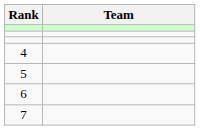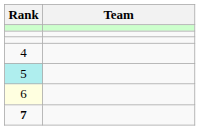 <table class="wikitable" style="text-align: center;">
 <tr>
 <th width=40>Rank</th>
 <th width=180>Team</th>
 </tr>
 <tr bgcolor=ccffcc>
 <td></td>
 <td align=left></td>
 </tr>
 <tr>
 <td></td>
 <td align=left></td>
 </tr>
 <tr>
 <td></td>
 <td align=left></td>
 </tr>
 <tr>
 <td>4</td>
 <td align=left></td>
 </tr>
 <tr>
-<td>5</td>
+<td style="background: paleturquoise;">5</td>
 <td align=left></td>
 </tr>
 <tr>
-<td>6</td>
+<td style="background: lightyellow;">6</td>
 <td align=left></td>
 </tr>
 <tr>
-<td>7</td>
+<td><strong>7</strong></td>
 <td align=left></td>
 </tr>
 </table>
